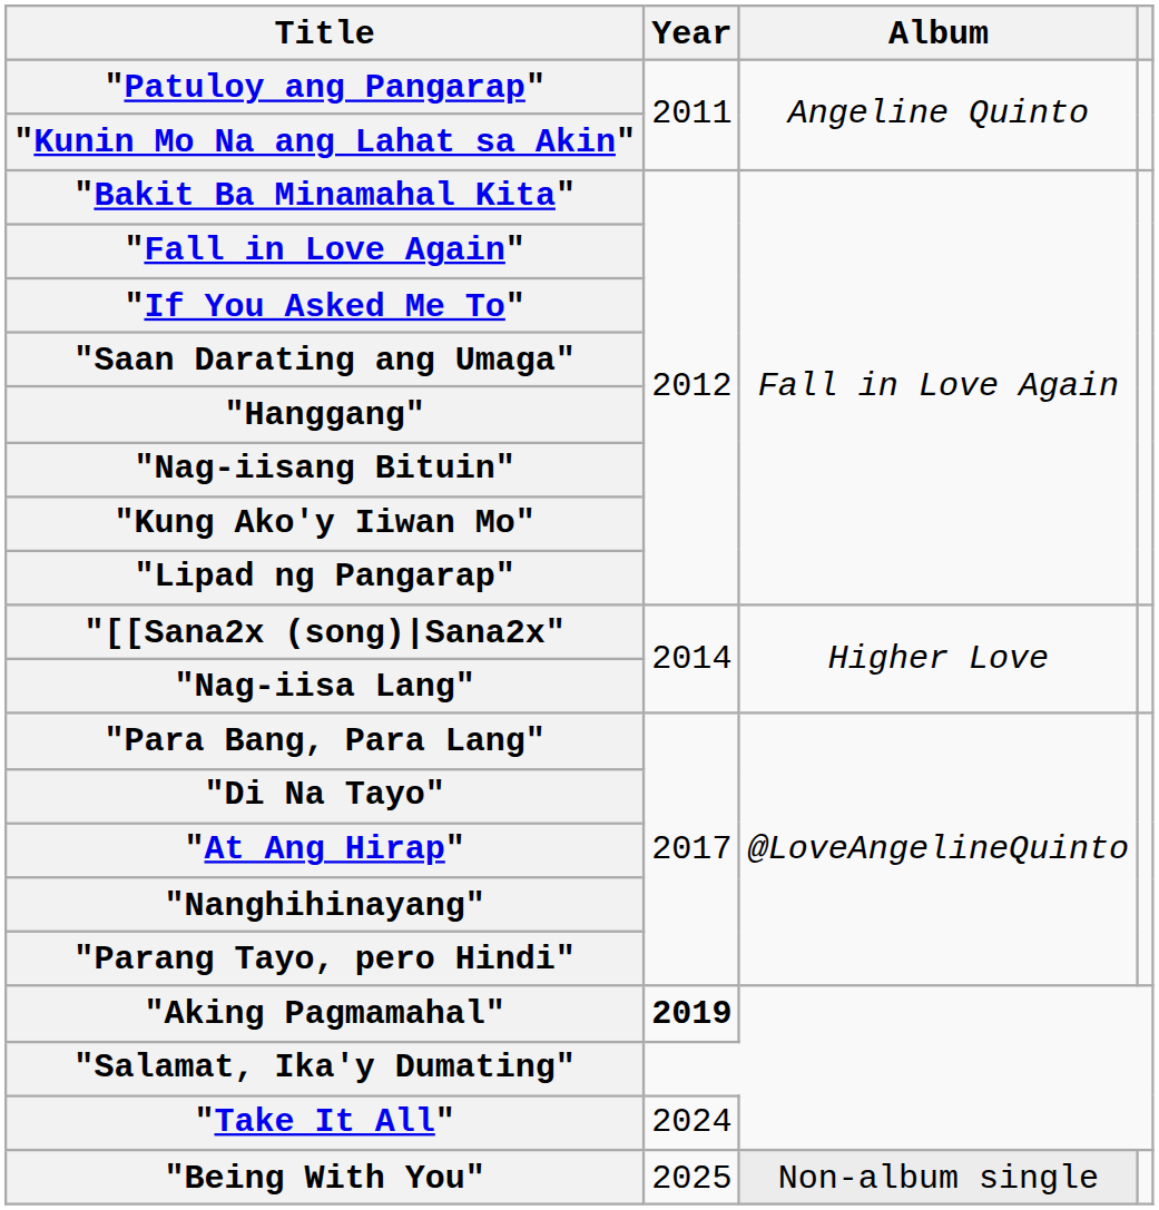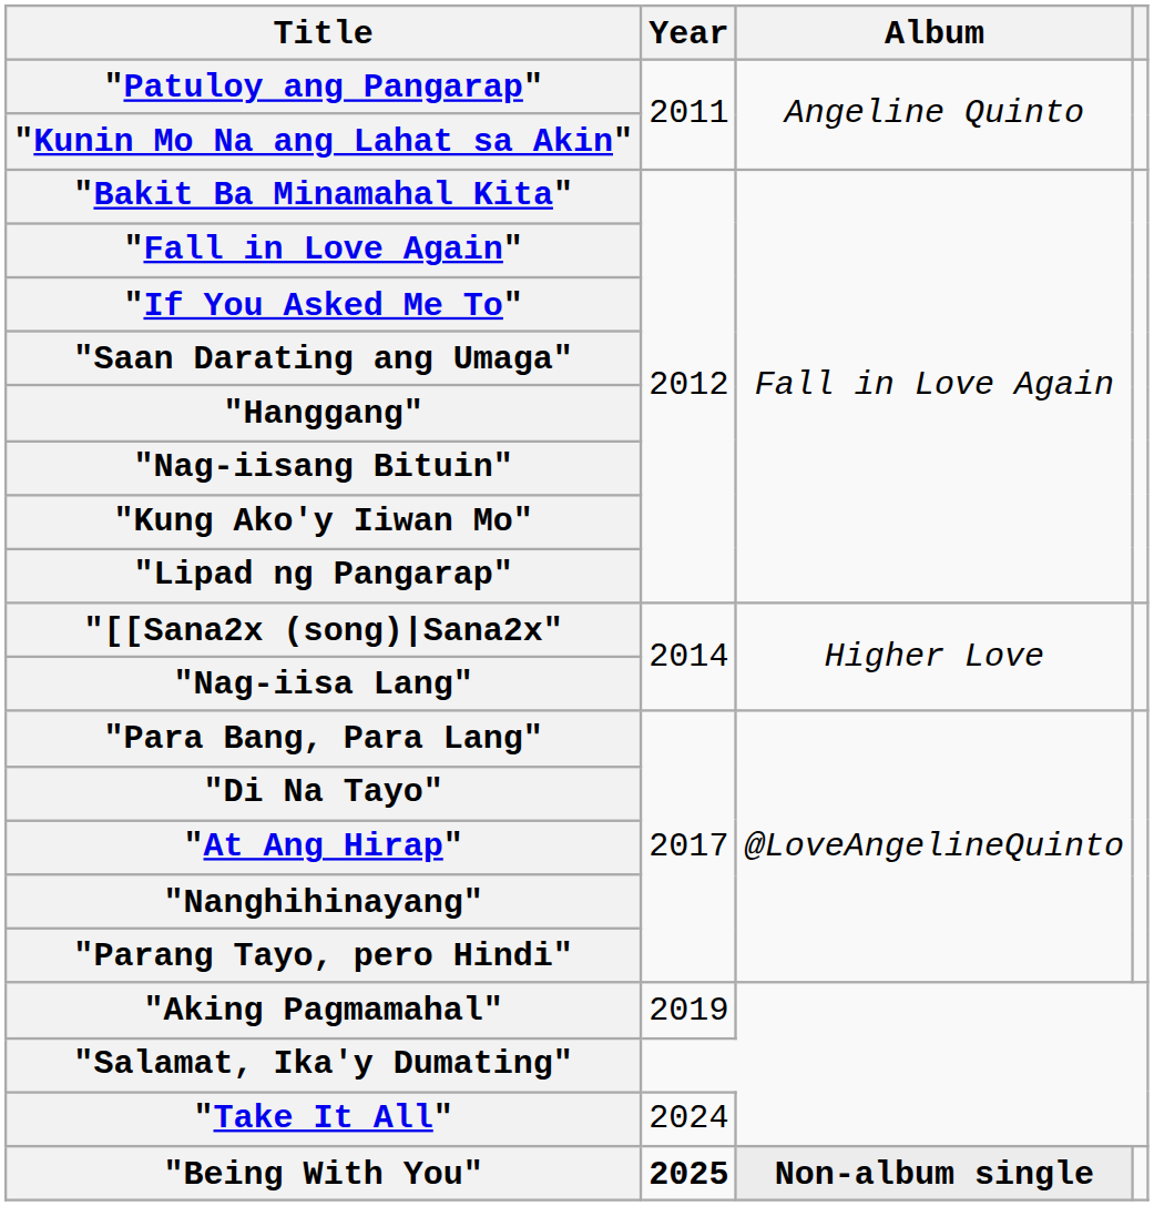 <table class="wikitable plainrowheaders" style="text-align:center;">
 <tr>
 <th scope="col">Title</th>
 <th scope="col">Year</th>
 <th scope="col">Album</th>
 <th scope="col"></th>
 </tr>
 <tr>
 <th scope="row">"<a href='#'>Patuloy ang Pangarap</a>"</th>
 <td rowspan="2">2011</td>
 <td rowspan="2"><em>Angeline Quinto</em></td>
 <td rowspan="2"></td>
 </tr>
 <tr>
 <th scope="row">"<a href='#'>Kunin Mo Na ang Lahat sa Akin</a>"</th>
 </tr>
 <tr>
 <th scope="row">"<a href='#'>Bakit Ba Minamahal Kita</a>"</th>
 <td rowspan="8">2012</td>
 <td rowspan="8"><em>Fall in Love Again</em></td>
 <td rowspan="8"></td>
 </tr>
 <tr>
 <th scope="row">"<a href='#'>Fall in Love Again</a>"</th>
 </tr>
 <tr>
 <th scope="row">"<a href='#'>If You Asked Me To</a>"<br></th>
 </tr>
 <tr>
 <th scope="row">"Saan Darating ang Umaga"</th>
 </tr>
 <tr>
 <th scope="row">"Hanggang"</th>
 </tr>
 <tr>
 <th scope="row">"Nag-iisang Bituin"</th>
 </tr>
 <tr>
 <th scope="row">"Kung Ako'y Iiwan Mo"</th>
 </tr>
 <tr>
 <th scope="row">"Lipad ng Pangarap"<br></th>
 </tr>
 <tr>
 <th scope="row">"[[Sana2x (song)|Sana2x"</th>
 <td rowspan="2">2014</td>
 <td rowspan="2"><em>Higher Love</em></td>
 <td rowspan="2"></td>
 </tr>
 <tr>
 <th scope="row">"Nag-iisa Lang"</th>
 </tr>
 <tr>
 <th scope="row">"Para Bang, Para Lang"</th>
 <td rowspan="5">2017</td>
 <td rowspan="5"><em>@LoveAngelineQuinto</em></td>
 <td rowspan="5"></td>
 </tr>
 <tr>
 <th scope="row">"Di Na Tayo"</th>
 </tr>
 <tr>
 <th scope="row">"<a href='#'>At Ang Hirap</a>"</th>
 </tr>
 <tr>
 <th scope="row">"Nanghihinayang"</th>
 </tr>
 <tr>
 <th scope="row">"Parang Tayo, pero Hindi"<br></th>
 </tr>
 <tr>
 <th scope="row">"Aking Pagmamahal"<br></th>
-<td><strong>2019</strong></td>
+<td>2019</td>
 </tr>
 <tr>
 <th scope="row">"Salamat, Ika'y Dumating"</th>
 </tr>
 <tr>
 <th scope="row">"<a href='#'>Take It All</a>"</th>
 <td>2024</td>
 </tr>
 <tr>
 <th scope="row">"Being With You"</th>
-<td>2025</td>
-<td style="background:#ECECEC;">Non-album single</td>
+<td><strong>2025</strong></td>
+<td style="background:#ECECEC;"><strong>Non-album single</strong></td>
 <td></td>
 </tr>
 </table>
